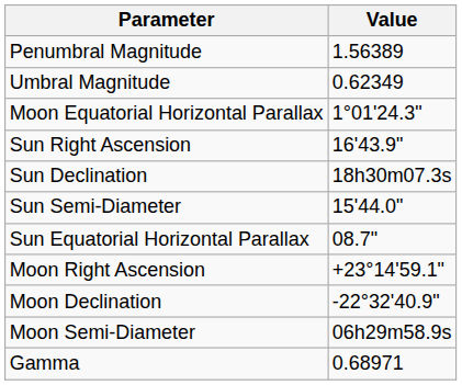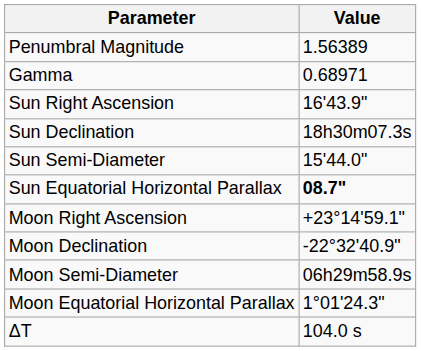 <table class="wikitable">
 <tr>
 <th>Parameter</th>
 <th>Value</th>
 </tr>
 <tr>
 <td>Penumbral Magnitude</td>
 <td>1.56389</td>
 </tr>
 <tr>
-<td>Umbral Magnitude</td>
-<td>0.62349</td>
-</tr>
-<tr>
-<td>Moon Equatorial Horizontal Parallax</td>
-<td>1°01'24.3"</td>
+<td>Gamma</td>
+<td>0.68971</td>
 </tr>
 <tr>
 <td>Sun Right Ascension</td>
 <td>16'43.9"</td>
 </tr>
 <tr>
 <td>Sun Declination</td>
 <td>18h30m07.3s</td>
 </tr>
 <tr>
 <td>Sun Semi-Diameter</td>
 <td>15'44.0"</td>
 </tr>
 <tr>
 <td>Sun Equatorial Horizontal Parallax</td>
-<td>08.7"</td>
+<td><strong>08.7"</strong></td>
 </tr>
 <tr>
 <td>Moon Right Ascension</td>
 <td>+23°14'59.1"</td>
 </tr>
 <tr>
 <td>Moon Declination</td>
 <td>-22°32'40.9"</td>
 </tr>
 <tr>
 <td>Moon Semi-Diameter</td>
 <td>06h29m58.9s</td>
 </tr>
 <tr>
-<td>Gamma</td>
-<td>0.68971</td>
+<td>Moon Equatorial Horizontal Parallax</td>
+<td>1°01'24.3"</td>
+</tr>
+<tr>
+<td>ΔT</td>
+<td>104.0 s</td>
 </tr>
 </table>
